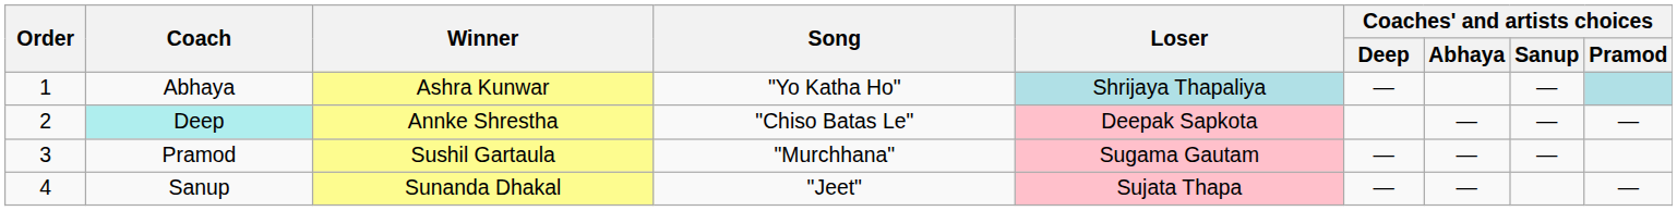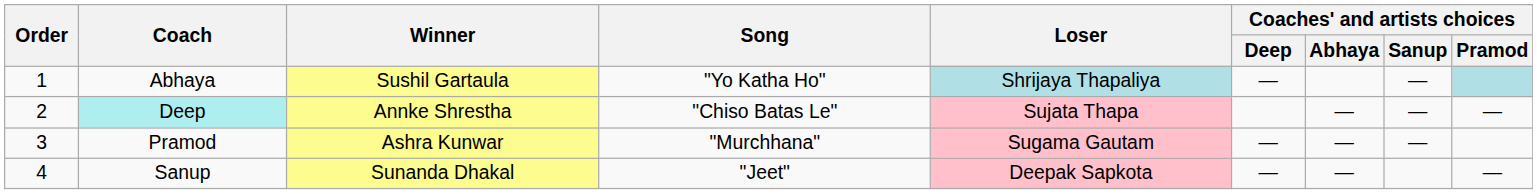 <table class="wikitable plainrowheaders" style="text-align:center; width:100%;">
 <tr>
 <th scope="col" style="width:05%;" rowspan="2">Order</th>
 <th scope="col" style="width:15%;" rowspan="2">Coach</th>
 <th scope="col" style="width:23%;" rowspan="2">Winner</th>
 <th scope="col" style="width:24%;" rowspan="2">Song</th>
 <th scope="col" style="width:22%;" rowspan="2">Loser</th>
 <th scope="col" style="width:20%;" colspan="4">Coaches' and artists choices</th>
 </tr>
 <tr>
 <th scope="col" style="width:05%;">Deep</th>
 <th scope="col" style="width:05%;">Abhaya</th>
 <th scope="col" style="width:05%;">Sanup</th>
 <th scope="col" style="width:05%;">Pramod</th>
 </tr>
 <tr>
 <td scope="row">1</td>
 <td>Abhaya</td>
-<td style="background:#fdfc8f;text-align:center;">Ashra Kunwar</td>
+<td style="background:#fdfc8f;text-align:center;">Sushil Gartaula</td>
 <td>"Yo Katha Ho"</td>
 <td style="background:#b0e0e6;text-align:center;">Shrijaya Thapaliya</td>
 <td>—</td>
 <td></td>
 <td>—</td>
 <td style="background:#b0e0e6;text-align:center;"></td>
 </tr>
 <tr>
 <td scope="row">2</td>
 <td style="background: paleturquoise;">Deep</td>
 <td style="background:#fdfc8f;text-align:center;">Annke Shrestha</td>
 <td>"Chiso Batas Le"</td>
-<td style="background:pink;text-align:center;">Deepak Sapkota</td>
+<td style="background:pink;text-align:center;">Sujata Thapa</td>
 <td></td>
 <td>—</td>
 <td>—</td>
 <td>—</td>
 </tr>
 <tr>
 <td scope="row">3</td>
 <td>Pramod</td>
-<td style="background:#fdfc8f;text-align:center;">Sushil Gartaula</td>
+<td style="background:#fdfc8f;text-align:center;">Ashra Kunwar</td>
 <td>"Murchhana"</td>
 <td style="background:pink;text-align:center;">Sugama Gautam</td>
 <td>—</td>
 <td>—</td>
 <td>—</td>
 <td></td>
 </tr>
 <tr>
 <td scope="row">4</td>
 <td>Sanup</td>
 <td style="background:#fdfc8f;text-align:center;">Sunanda Dhakal</td>
 <td>"Jeet"</td>
-<td style="background:pink;text-align:center;">Sujata Thapa</td>
+<td style="background:pink;text-align:center;">Deepak Sapkota</td>
 <td>—</td>
 <td>—</td>
 <td></td>
 <td>—</td>
 </tr>
 </table>
